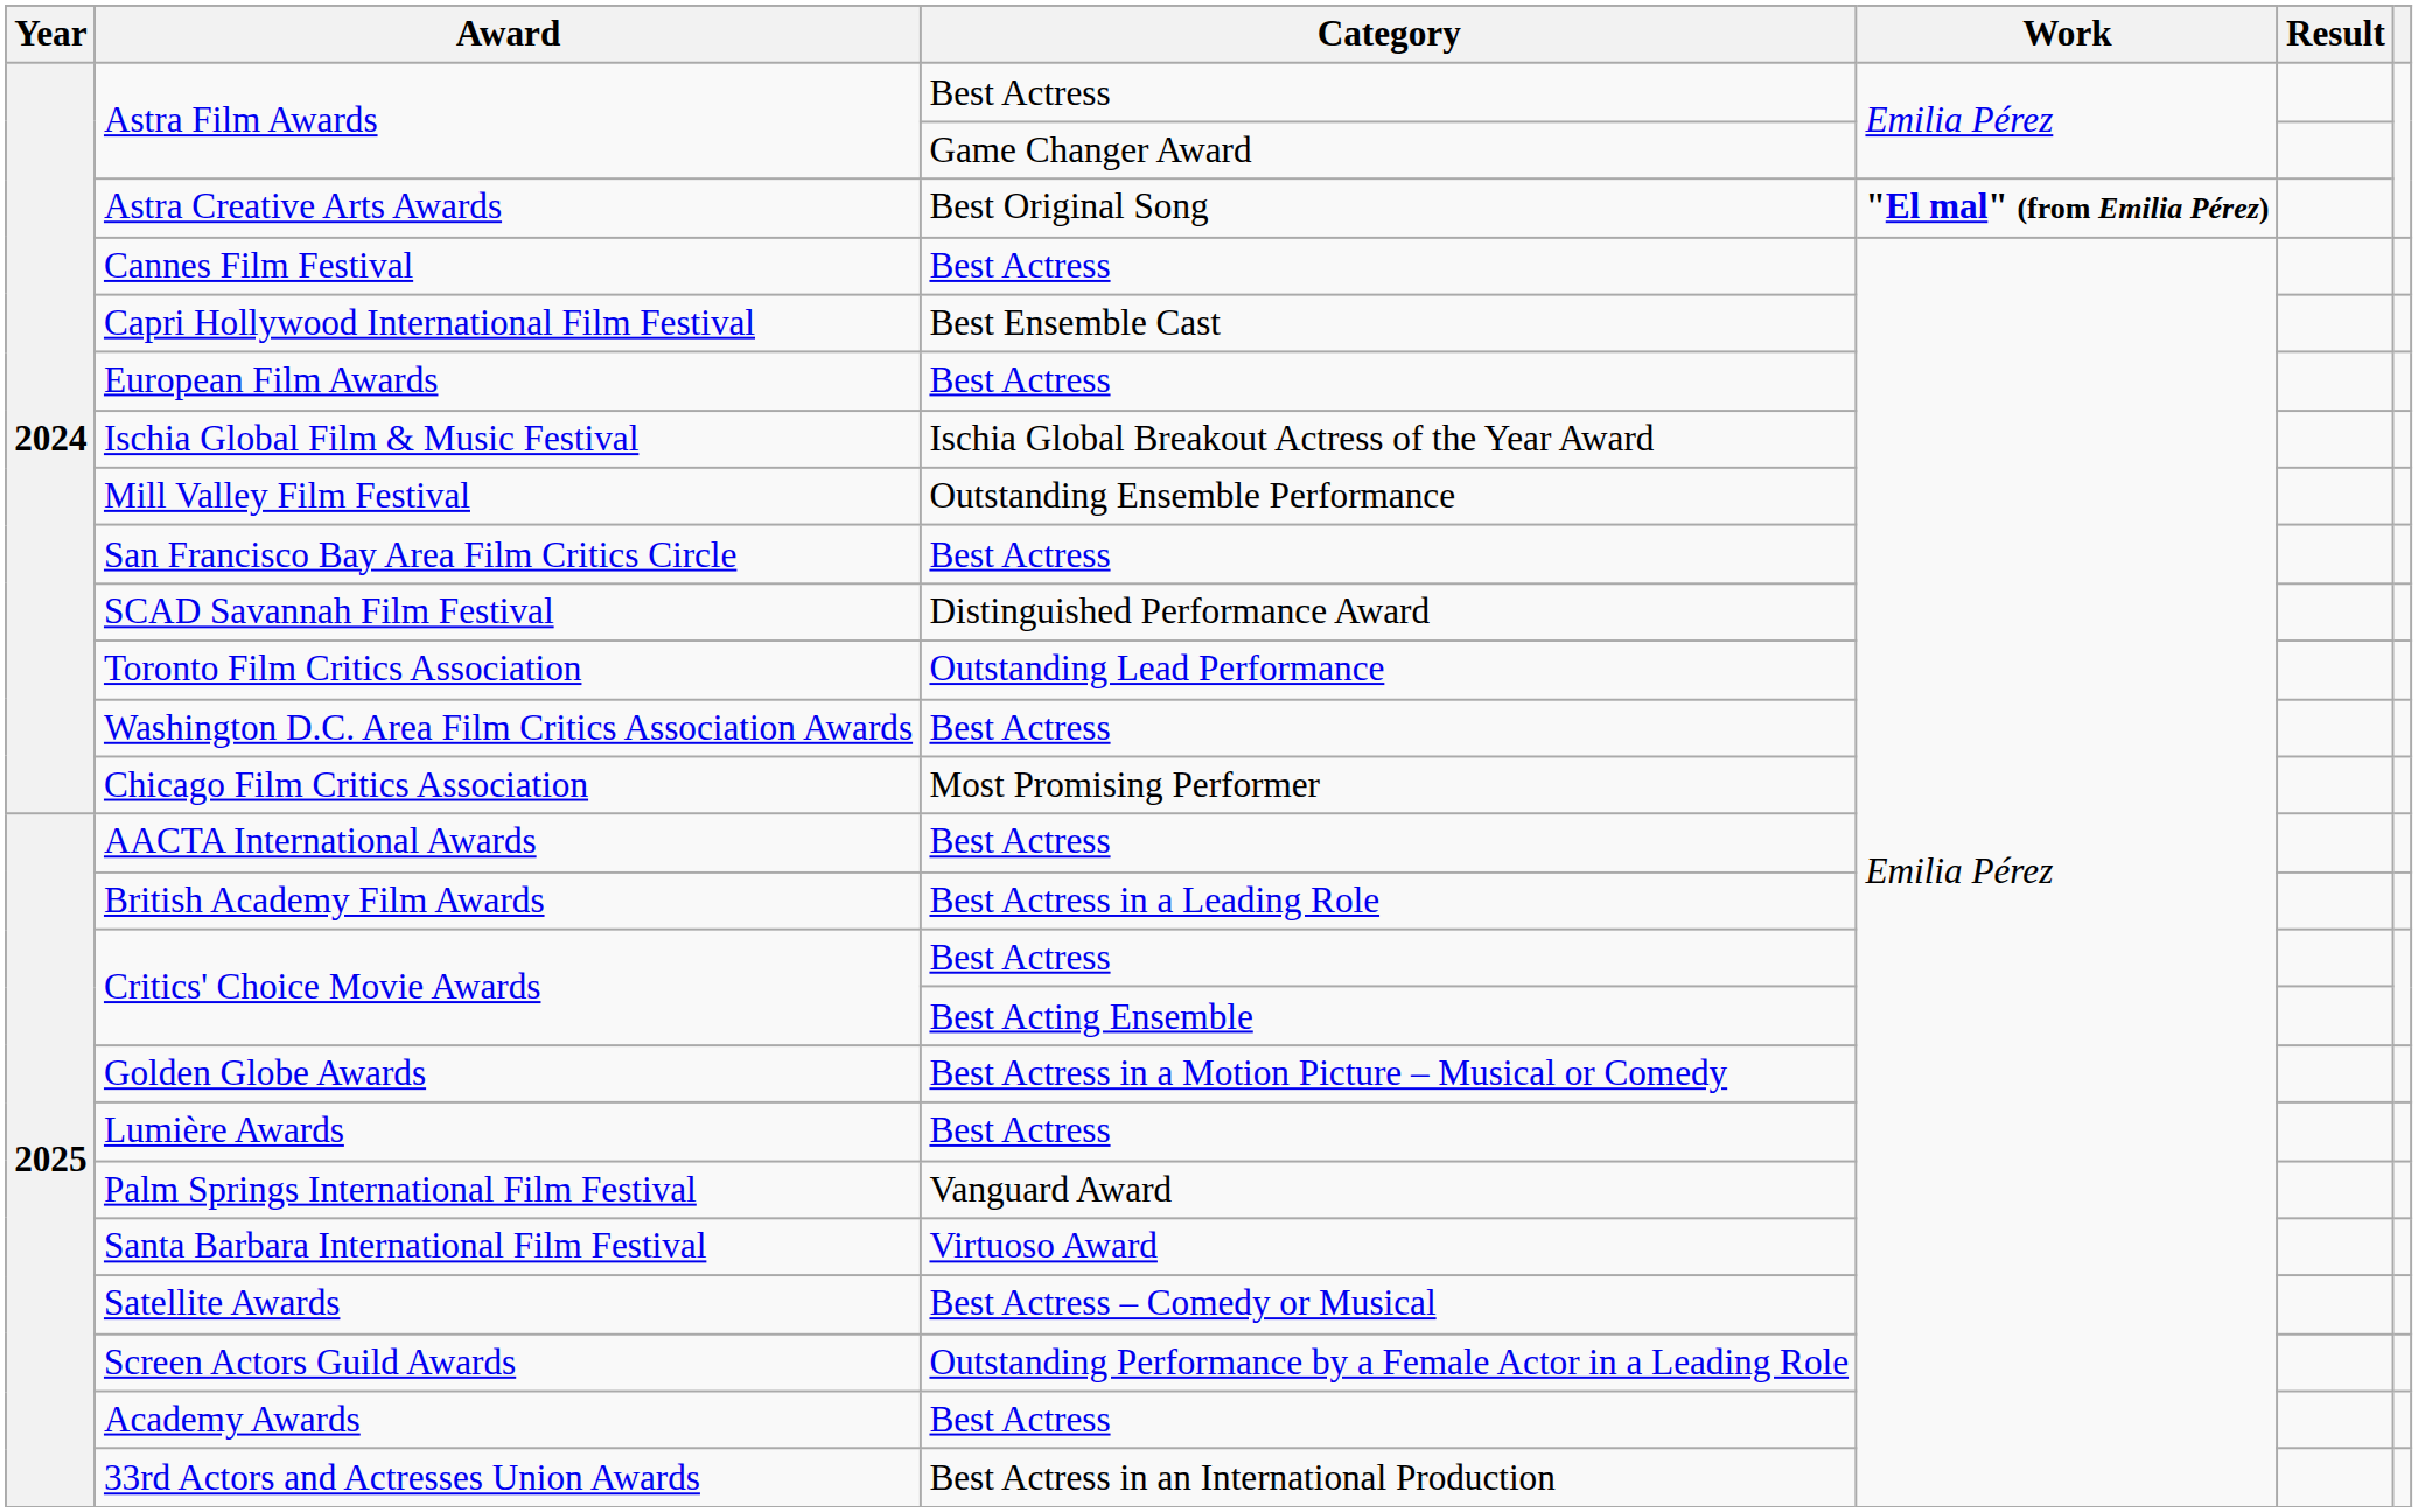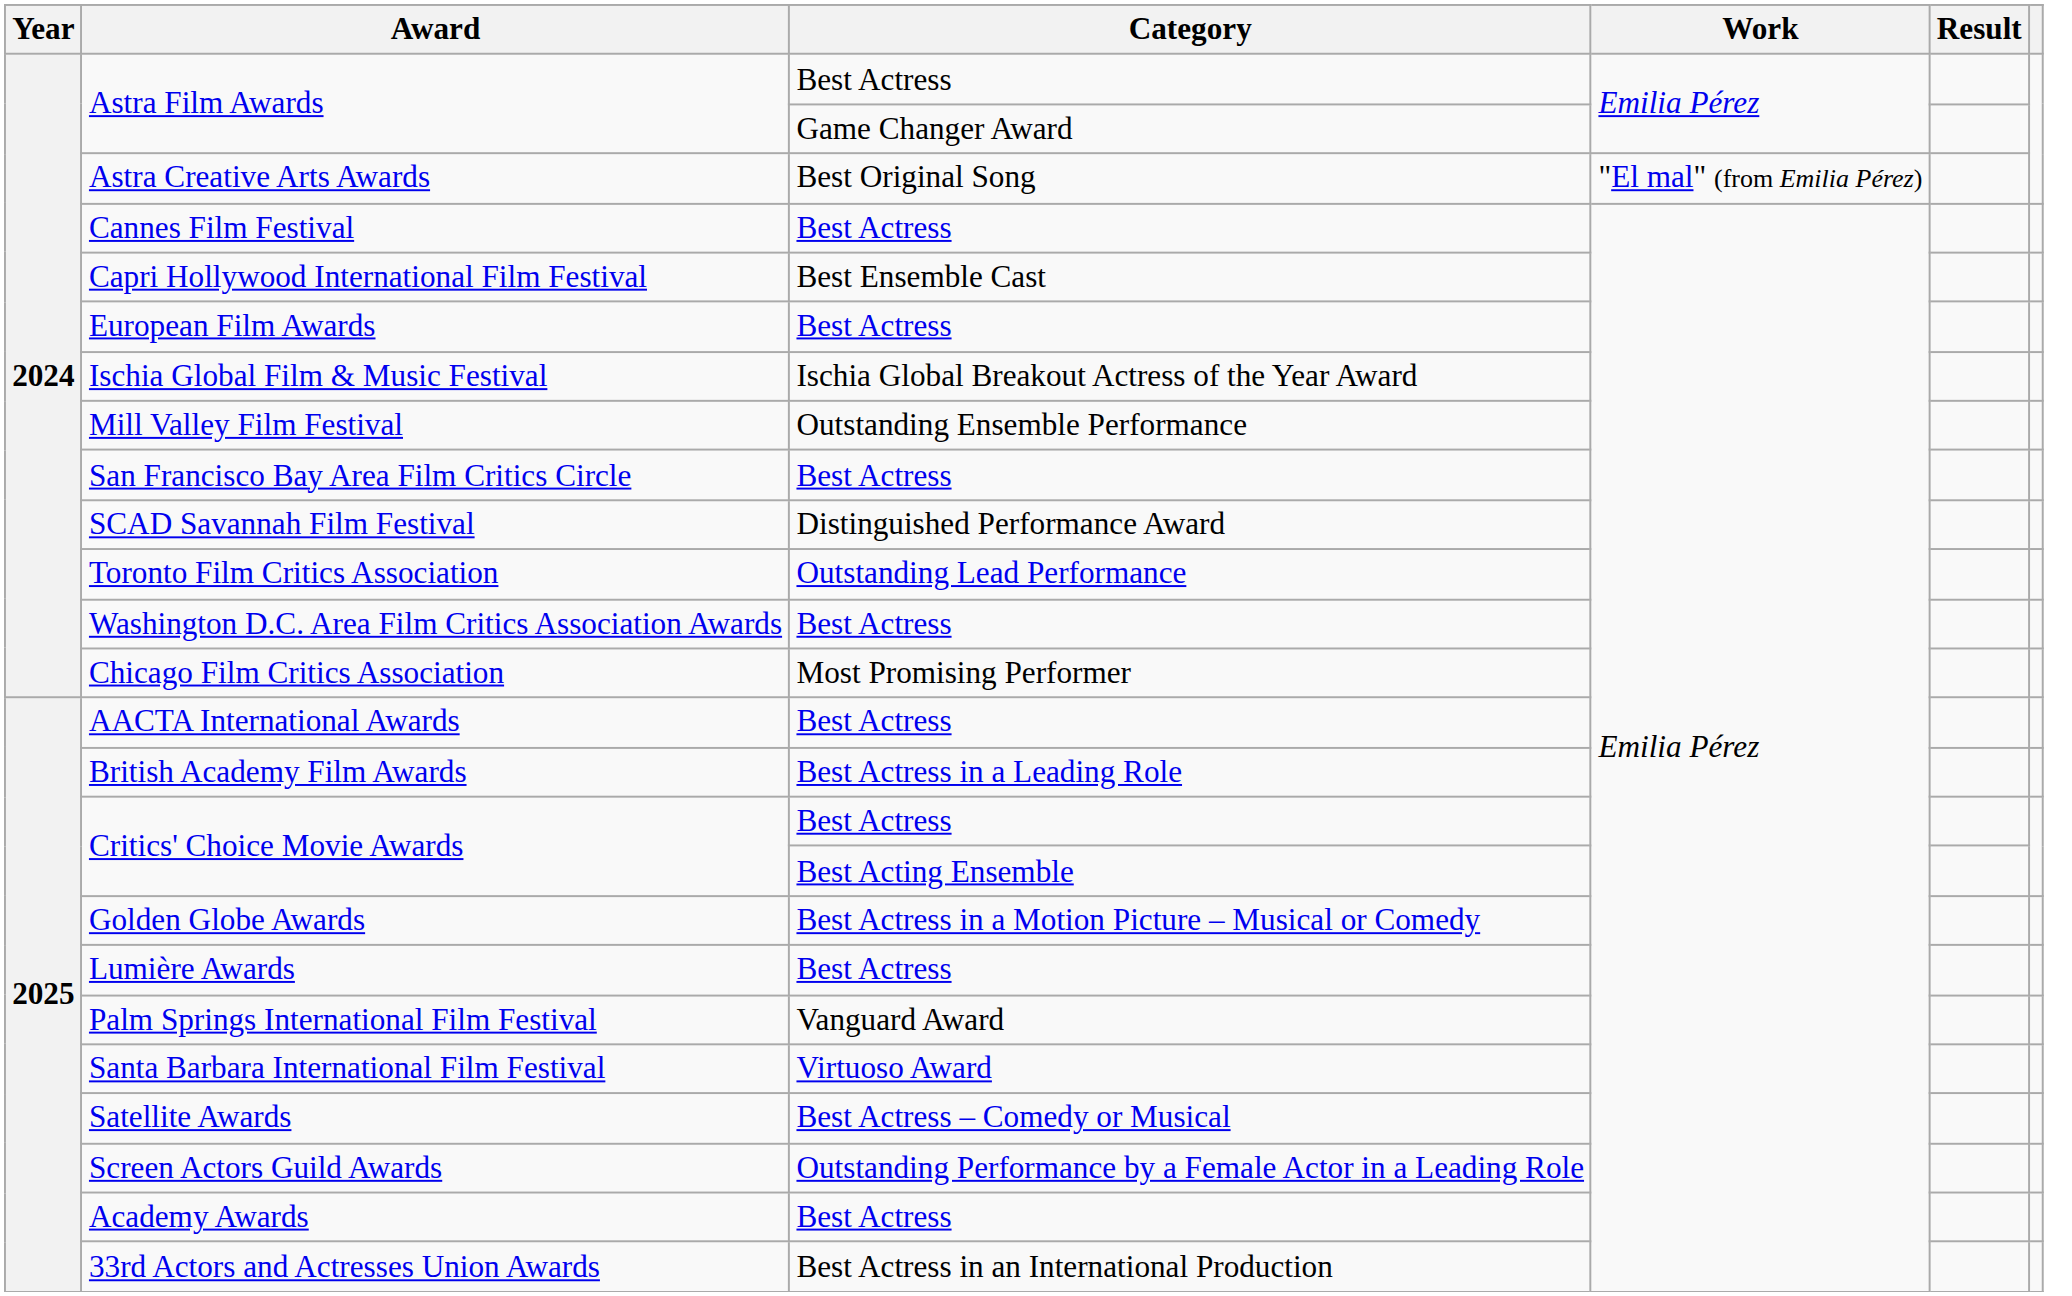 <table class="wikitable sortable plainrowheaders">
 <tr>
 <th scope="col">Year</th>
 <th scope="col">Award</th>
 <th scope="col">Category</th>
 <th scope="col">Work</th>
 <th scope="col">Result</th>
 <th scope="col" class="unsortable"></th>
 </tr>
 <tr>
 <th rowspan="13" scope="row">2024</th>
 <td rowspan="2"><a href='#'>Astra Film Awards</a></td>
 <td>Best Actress</td>
 <td rowspan="2"><em><a href='#'>Emilia Pérez</a></em></td>
 <td></td>
 <td align="center" rowspan="3"></td>
 </tr>
 <tr>
 <td>Game Changer Award</td>
 <td></td>
 </tr>
 <tr>
 <td><a href='#'>Astra Creative Arts Awards</a></td>
 <td>Best Original Song</td>
-<td><strong>"<a href='#'>El mal</a>" <small>(from <em>Emilia Pérez</em>)</small></strong></td>
+<td>"<a href='#'>El mal</a>" <small>(from <em>Emilia Pérez</em>)</small></td>
 <td></td>
 </tr>
 <tr>
 <td><a href='#'>Cannes Film Festival</a></td>
 <td><a href='#'>Best Actress</a></td>
 <td rowspan="23"><em>Emilia Pérez</em></td>
 <td></td>
 <td align="center"></td>
 </tr>
 <tr>
 <td><a href='#'>Capri Hollywood International Film Festival</a></td>
 <td>Best Ensemble Cast</td>
 <td></td>
 <td align="center"></td>
 </tr>
 <tr>
 <td><a href='#'>European Film Awards</a></td>
 <td><a href='#'>Best Actress</a></td>
 <td></td>
 <td align="center"></td>
 </tr>
 <tr>
 <td><a href='#'>Ischia Global Film & Music Festival</a></td>
 <td>Ischia Global Breakout Actress of the Year Award</td>
 <td></td>
 <td align="center"></td>
 </tr>
 <tr>
 <td><a href='#'>Mill Valley Film Festival</a></td>
 <td>Outstanding Ensemble Performance</td>
 <td></td>
 <td align="center"></td>
 </tr>
 <tr>
 <td><a href='#'>San Francisco Bay Area Film Critics Circle</a></td>
 <td><a href='#'>Best Actress</a></td>
 <td></td>
 <td align="center"></td>
 </tr>
 <tr>
 <td><a href='#'>SCAD Savannah Film Festival</a></td>
 <td>Distinguished Performance Award</td>
 <td></td>
 <td align="center"></td>
 </tr>
 <tr>
 <td><a href='#'>Toronto Film Critics Association</a></td>
 <td><a href='#'>Outstanding Lead Performance</a></td>
 <td></td>
 <td align="center"></td>
 </tr>
 <tr>
 <td><a href='#'>Washington D.C. Area Film Critics Association Awards</a></td>
 <td><a href='#'>Best Actress</a></td>
 <td></td>
 <td align="center"></td>
 </tr>
 <tr>
 <td><a href='#'>Chicago Film Critics Association</a></td>
 <td>Most Promising Performer</td>
 <td></td>
 <td align="center"></td>
 </tr>
 <tr>
 <th rowspan="12" scope="row">2025</th>
 <td><a href='#'>AACTA International Awards</a></td>
 <td><a href='#'>Best Actress</a></td>
 <td></td>
 <td align="center"></td>
 </tr>
 <tr>
 <td><a href='#'>British Academy Film Awards</a></td>
 <td><a href='#'>Best Actress in a Leading Role</a></td>
 <td></td>
 <td style="text-align:center;"></td>
 </tr>
 <tr>
 <td rowspan="2"><a href='#'>Critics' Choice Movie Awards</a></td>
 <td><a href='#'>Best Actress</a></td>
 <td></td>
 <td rowspan="2" align="center"></td>
 </tr>
 <tr>
 <td><a href='#'>Best Acting Ensemble</a></td>
 <td></td>
 </tr>
 <tr>
 <td><a href='#'>Golden Globe Awards</a></td>
 <td><a href='#'>Best Actress in a Motion Picture – Musical or Comedy</a></td>
 <td></td>
 <td align="center"></td>
 </tr>
 <tr>
 <td><a href='#'>Lumière Awards</a></td>
 <td><a href='#'>Best Actress</a></td>
 <td></td>
 <td style="text-align:center;"></td>
 </tr>
 <tr>
 <td><a href='#'>Palm Springs International Film Festival</a></td>
 <td>Vanguard Award</td>
 <td></td>
 <td align="center"></td>
 </tr>
 <tr>
 <td><a href='#'>Santa Barbara International Film Festival</a></td>
 <td><a href='#'>Virtuoso Award</a></td>
 <td></td>
 <td align="center"></td>
 </tr>
 <tr>
 <td><a href='#'>Satellite Awards</a></td>
 <td><a href='#'>Best Actress – Comedy or Musical</a></td>
 <td></td>
 <td style="text-align:center;"></td>
 </tr>
 <tr>
 <td><a href='#'>Screen Actors Guild Awards</a></td>
 <td><a href='#'>Outstanding Performance by a Female Actor in a Leading Role</a></td>
 <td></td>
 <td style="text-align:center;"></td>
 </tr>
 <tr>
 <td><a href='#'>Academy Awards</a></td>
 <td><a href='#'>Best Actress</a></td>
 <td></td>
 <td style="text-align:center;"></td>
 </tr>
 <tr>
 <td><a href='#'>33rd Actors and Actresses Union Awards</a></td>
 <td>Best Actress in an International Production</td>
 <td></td>
 <td style="text-align:center;"></td>
 </tr>
 </table>
